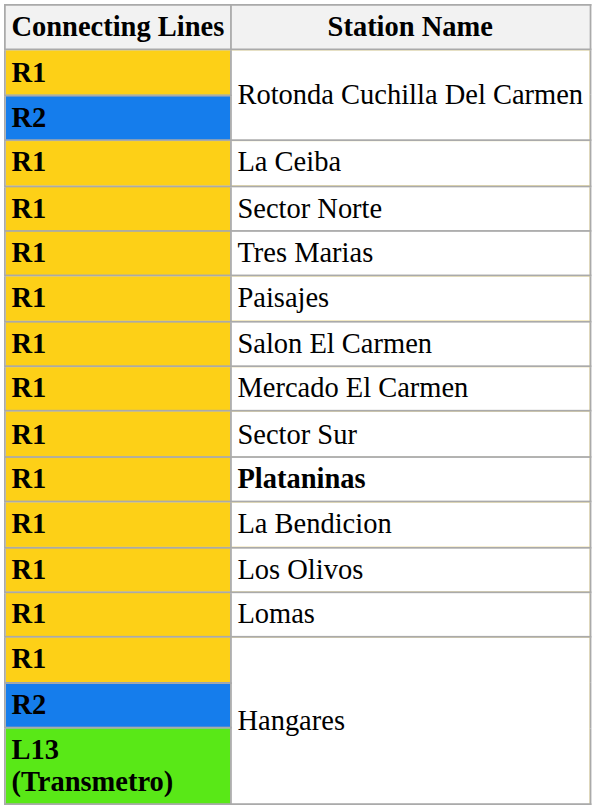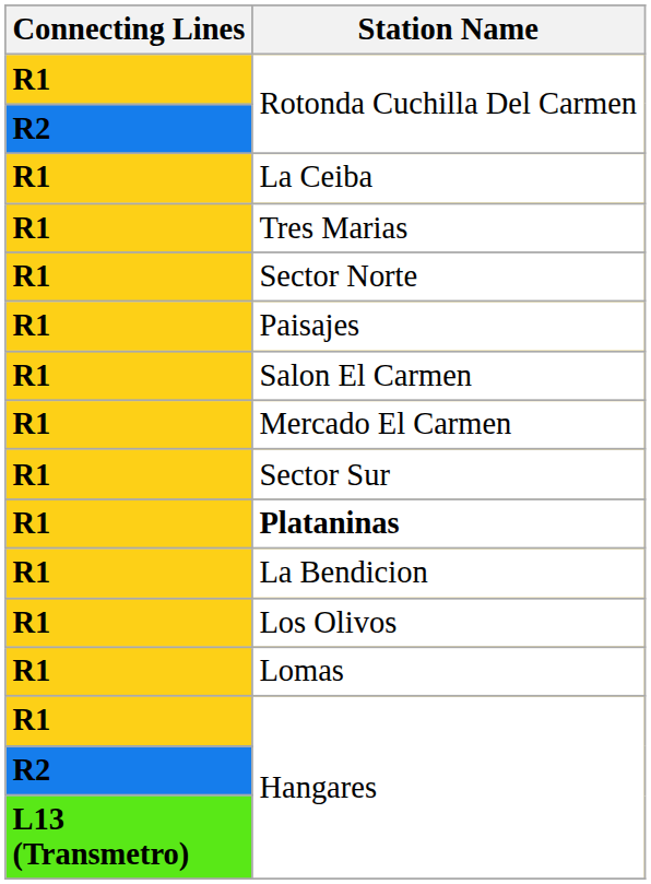 <table class="wikitable">
 <tr>
 <th>Connecting Lines</th>
 <th>Station Name</th>
 </tr>
 <tr style="background-color:#FDD017;">
 <td><strong>R1</strong></td>
 <td style="background-color:white;" rowspan="2">Rotonda Cuchilla Del Carmen</td>
 </tr>
 <tr style="background-color:#157DEC;">
 <td><strong>R2</strong></td>
 </tr>
 <tr style="background-color:#FDD017;">
 <td><strong>R1</strong></td>
 <td style="background-color:white;">La Ceiba</td>
 </tr>
 <tr style="background-color:#FDD017;">
 <td><strong>R1</strong></td>
-<td style="background-color:white;">Sector Norte</td>
+<td style="background-color:white;">Tres Marias</td>
 </tr>
 <tr style="background-color:#FDD017;">
 <td><strong>R1</strong></td>
-<td style="background-color:white;">Tres Marias</td>
+<td style="background-color:white;">Sector Norte</td>
 </tr>
 <tr style="background-color:#FDD017;">
 <td><strong>R1</strong></td>
 <td style="background-color:white;">Paisajes</td>
 </tr>
 <tr style="background-color:#FDD017;">
 <td><strong>R1</strong></td>
 <td style="background-color:white;">Salon El Carmen</td>
 </tr>
 <tr style="background-color:#FDD017;">
 <td><strong>R1</strong></td>
 <td style="background-color:white;">Mercado El Carmen</td>
 </tr>
 <tr style="background-color:#FDD017;">
 <td><strong>R1</strong></td>
 <td style="background-color:white;">Sector Sur</td>
 </tr>
 <tr style="background-color:#FDD017;">
 <td><strong>R1</strong></td>
 <td style="background-color:white;"><strong>Plataninas</strong></td>
 </tr>
 <tr style="background-color:#FDD017;">
 <td><strong>R1</strong></td>
 <td style="background-color:white;">La Bendicion</td>
 </tr>
 <tr style="background-color:#FDD017;">
 <td><strong>R1</strong></td>
 <td style="background-color:white;">Los Olivos</td>
 </tr>
 <tr style="background-color:#FDD017;">
 <td><strong>R1</strong></td>
 <td style="background-color:white;">Lomas</td>
 </tr>
 <tr style="background-color:#FDD017;">
 <td><strong>R1</strong></td>
 <td style="background-color:white;" rowspan="3">Hangares</td>
 </tr>
 <tr style="background-color:#157DEC;">
 <td><strong>R2</strong></td>
 </tr>
 <tr style="background-color:#59E817;">
 <td><strong>L13 <br> (Transmetro)</strong></td>
 </tr>
 </table>
